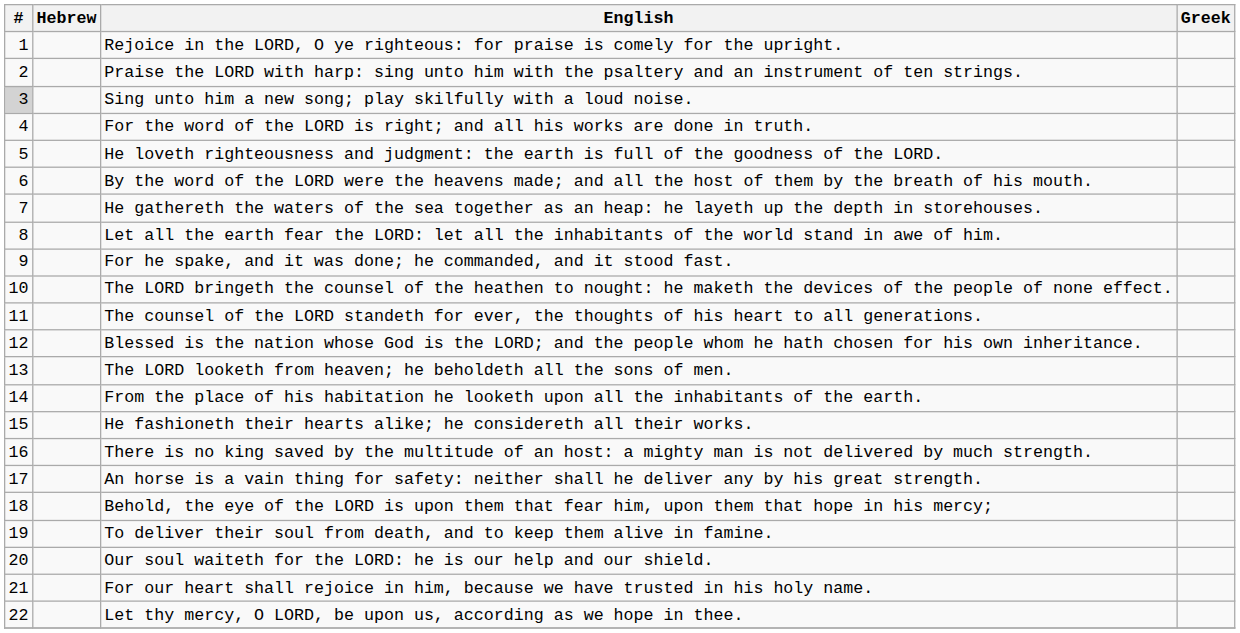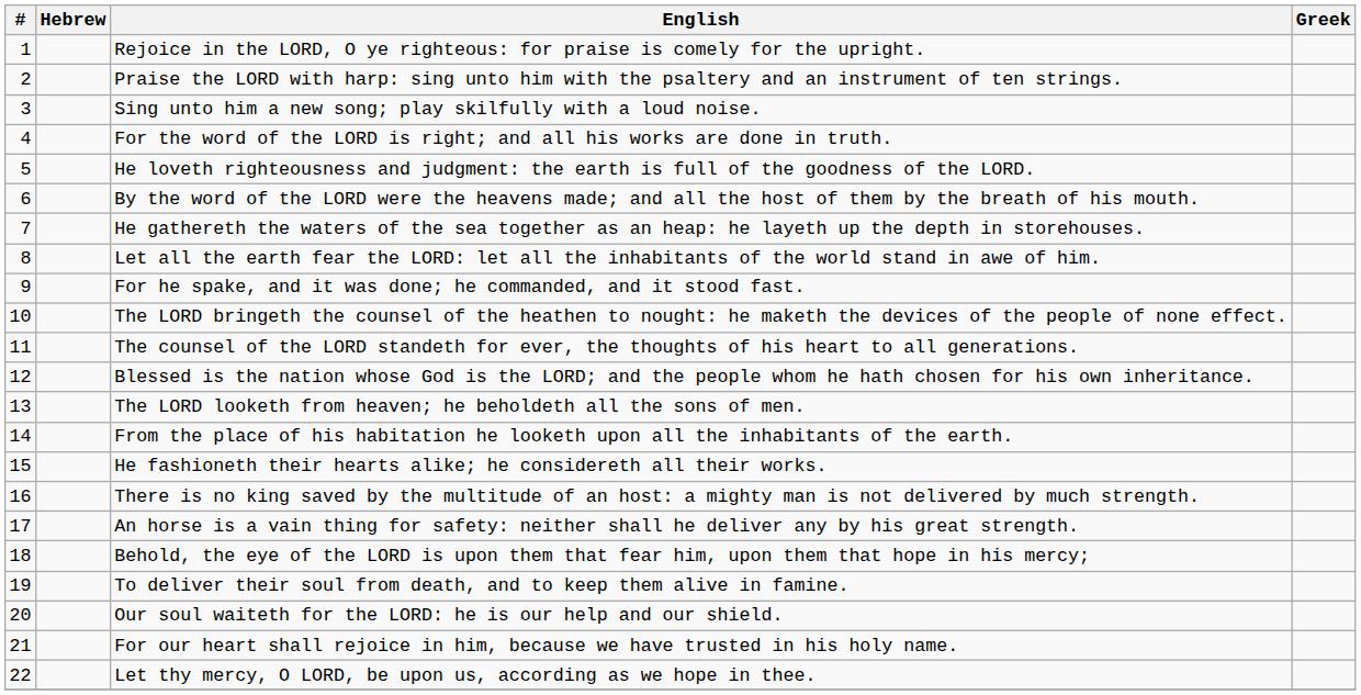 <table class=wikitable>
 <tr>
 <th>#</th>
 <th>Hebrew</th>
 <th>English</th>
 <th>Greek</th>
 </tr>
 <tr>
 <td style="text-align:right">1</td>
 <td style="text-align:right"></td>
 <td>Rejoice in the LORD, O ye righteous: for praise is comely for the upright.</td>
 <td></td>
 </tr>
 <tr>
 <td style="text-align:right">2</td>
 <td style="text-align:right"></td>
 <td>Praise the LORD with harp: sing unto him with the psaltery and an instrument of ten strings.</td>
 <td></td>
 </tr>
 <tr>
-<td style="background: lightgrey; text-align:right">3</td>
+<td style="text-align:right">3</td>
 <td style="text-align:right"></td>
 <td>Sing unto him a new song; play skilfully with a loud noise.</td>
 <td></td>
 </tr>
 <tr>
 <td style="text-align:right">4</td>
 <td style="text-align:right"></td>
 <td>For the word of the LORD is right; and all his works are done in truth.</td>
 <td></td>
 </tr>
 <tr>
 <td style="text-align:right">5</td>
 <td style="text-align:right"></td>
 <td>He loveth righteousness and judgment: the earth is full of the goodness of the LORD.</td>
 <td></td>
 </tr>
 <tr>
 <td style="text-align:right">6</td>
 <td style="text-align:right"></td>
 <td>By the word of the LORD were the heavens made; and all the host of them by the breath of his mouth.</td>
 <td></td>
 </tr>
 <tr>
 <td style="text-align:right">7</td>
 <td style="text-align:right"></td>
 <td>He gathereth the waters of the sea together as an heap: he layeth up the depth in storehouses.</td>
 <td></td>
 </tr>
 <tr>
 <td style="text-align:right">8</td>
 <td style="text-align:right"></td>
 <td>Let all the earth fear the LORD: let all the inhabitants of the world stand in awe of him.</td>
 <td></td>
 </tr>
 <tr>
 <td style="text-align:right">9</td>
 <td style="text-align:right"></td>
 <td>For he spake, and it was done; he commanded, and it stood fast.</td>
 <td></td>
 </tr>
 <tr>
 <td style="text-align:right">10</td>
 <td style="text-align:right"></td>
 <td>The LORD bringeth the counsel of the heathen to nought: he maketh the devices of the people of none effect.</td>
 <td></td>
 </tr>
 <tr>
 <td style="text-align:right">11</td>
 <td style="text-align:right"></td>
 <td>The counsel of the LORD standeth for ever, the thoughts of his heart to all generations.</td>
 <td></td>
 </tr>
 <tr>
 <td style="text-align:right">12</td>
 <td style="text-align:right"></td>
 <td>Blessed is the nation whose God is the LORD; and the people whom he hath chosen for his own inheritance.</td>
 <td></td>
 </tr>
 <tr>
 <td style="text-align:right">13</td>
 <td style="text-align:right"></td>
 <td>The LORD looketh from heaven; he beholdeth all the sons of men.</td>
 <td></td>
 </tr>
 <tr>
 <td style="text-align:right">14</td>
 <td style="text-align:right"></td>
 <td>From the place of his habitation he looketh upon all the inhabitants of the earth.</td>
 <td></td>
 </tr>
 <tr>
 <td style="text-align:right">15</td>
 <td style="text-align:right"></td>
 <td>He fashioneth their hearts alike; he considereth all their works.</td>
 <td></td>
 </tr>
 <tr>
 <td style="text-align:right">16</td>
 <td style="text-align:right"></td>
 <td>There is no king saved by the multitude of an host: a mighty man is not delivered by much strength.</td>
 <td></td>
 </tr>
 <tr>
 <td style="text-align:right">17</td>
 <td style="text-align:right"></td>
 <td>An horse is a vain thing for safety: neither shall he deliver any by his great strength.</td>
 <td></td>
 </tr>
 <tr>
 <td style="text-align:right">18</td>
 <td style="text-align:right"></td>
 <td>Behold, the eye of the LORD is upon them that fear him, upon them that hope in his mercy;</td>
 <td></td>
 </tr>
 <tr>
 <td style="text-align:right">19</td>
 <td style="text-align:right"></td>
 <td>To deliver their soul from death, and to keep them alive in famine.</td>
 <td></td>
 </tr>
 <tr>
 <td style="text-align:right">20</td>
 <td style="text-align:right"></td>
 <td>Our soul waiteth for the LORD: he is our help and our shield.</td>
 <td></td>
 </tr>
 <tr>
 <td style="text-align:right">21</td>
 <td style="text-align:right"></td>
 <td>For our heart shall rejoice in him, because we have trusted in his holy name.</td>
 <td></td>
 </tr>
 <tr>
 <td style="text-align:right">22</td>
 <td style="text-align:right"></td>
 <td>Let thy mercy, O LORD, be upon us, according as we hope in thee.</td>
 <td></td>
 </tr>
 <tr>
 </tr>
 </table>
